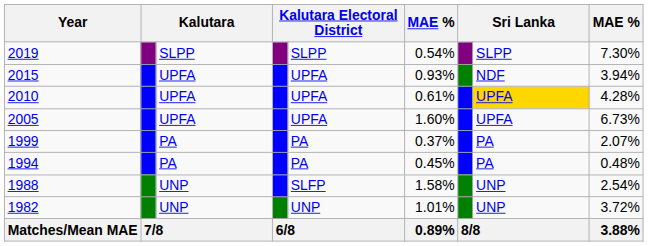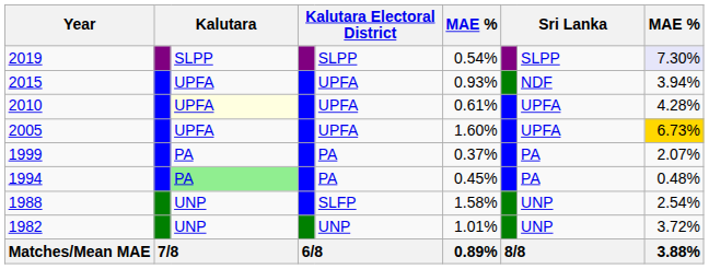 <table class="wikitable">
 <tr>
 <th>Year</th>
 <th colspan="2" width="144px">Kalutara</th>
 <th colspan="2" width="144px"><a href='#'>Kalutara Electoral District</a></th>
 <th><a href='#'>MAE</a> %</th>
 <th colspan="2" width="144px">Sri Lanka</th>
 <th>MAE %</th>
 </tr>
 <tr>
 <td><a href='#'>2019</a></td>
 <td style="background-color:purple;" width="10px"></td>
 <td style="text-align:left;"><a href='#'>SLPP</a></td>
 <td style="background-color:purple;" width="10px"></td>
 <td style="text-align:left;"><a href='#'>SLPP</a></td>
 <td style="text-align:right;">0.54%</td>
 <td style="background-color:purple;" width="10px"></td>
 <td style="text-align:left;"><a href='#'>SLPP</a></td>
-<td style="text-align:right;">7.30%</td>
+<td style="background: lavender; text-align:right;">7.30%</td>
 </tr>
 <tr>
 <td><a href='#'>2015</a></td>
 <td style="background-color:blue;" width="10px"></td>
 <td style="text-align:left;"><a href='#'>UPFA</a></td>
 <td style="background-color:blue;" width="10px"></td>
 <td style="text-align:left;"><a href='#'>UPFA</a></td>
 <td style="text-align:right;">0.93%</td>
 <td style="background-color:green;" width="10px"></td>
 <td style="text-align:left;"><a href='#'>NDF</a></td>
 <td style="text-align:right;">3.94%</td>
 </tr>
 <tr>
 <td><a href='#'>2010</a></td>
 <td style="background-color:blue;" width="10px"></td>
-<td style="text-align:left;"><a href='#'>UPFA</a></td>
+<td style="background: lightyellow; text-align:left;"><a href='#'>UPFA</a></td>
 <td style="background-color:blue;" width="10px"></td>
 <td style="text-align:left;"><a href='#'>UPFA</a></td>
 <td style="text-align:right;">0.61%</td>
 <td style="background-color:blue;" width="10px"></td>
-<td style="background: gold; text-align:left;"><a href='#'>UPFA</a></td>
+<td style="text-align:left;"><a href='#'>UPFA</a></td>
 <td style="text-align:right;">4.28%</td>
 </tr>
 <tr>
 <td><a href='#'>2005</a></td>
 <td style="background-color:blue;" width="10px"></td>
 <td style="text-align:left;"><a href='#'>UPFA</a></td>
 <td style="background-color:blue;" width="10px"></td>
 <td style="text-align:left;"><a href='#'>UPFA</a></td>
 <td style="text-align:right;">1.60%</td>
 <td style="background-color:blue;" width="10px"></td>
 <td style="text-align:left;"><a href='#'>UPFA</a></td>
-<td style="text-align:right;">6.73%</td>
+<td style="background: gold; text-align:right;">6.73%</td>
 </tr>
 <tr>
 <td><a href='#'>1999</a></td>
 <td style="background-color:blue;" width="10px"></td>
 <td style="text-align:left;"><a href='#'>PA</a></td>
 <td style="background-color:blue;" width="10px"></td>
 <td style="text-align:left;"><a href='#'>PA</a></td>
 <td style="text-align:right;">0.37%</td>
 <td style="background-color:blue;" width="10px"></td>
 <td style="text-align:left;"><a href='#'>PA</a></td>
 <td style="text-align:right;">2.07%</td>
 </tr>
 <tr>
 <td><a href='#'>1994</a></td>
 <td style="background-color:blue;" width="10px"></td>
-<td style="text-align:left;"><a href='#'>PA</a></td>
+<td style="background: lightgreen; text-align:left;"><a href='#'>PA</a></td>
 <td style="background-color:blue;" width="10px"></td>
 <td style="text-align:left;"><a href='#'>PA</a></td>
 <td style="text-align:right;">0.45%</td>
 <td style="background-color:blue;" width="10px"></td>
 <td style="text-align:left;"><a href='#'>PA</a></td>
 <td style="text-align:right;">0.48%</td>
 </tr>
 <tr>
 <td><a href='#'>1988</a></td>
 <td style="background-color:green;" width="10px"></td>
 <td style="text-align:left;"><a href='#'>UNP</a></td>
 <td style="background-color:blue;" width="10px"></td>
 <td style="text-align:left;"><a href='#'>SLFP</a></td>
 <td style="text-align:right;">1.58%</td>
 <td style="background-color:green;" width="10px"></td>
 <td style="text-align:left;"><a href='#'>UNP</a></td>
 <td style="text-align:right;">2.54%</td>
 </tr>
 <tr>
 <td><a href='#'>1982</a></td>
 <td style="background-color:green;" width="10px"></td>
 <td style="text-align:left;"><a href='#'>UNP</a></td>
 <td style="background-color:green;" width="10px"></td>
 <td style="text-align:left;"><a href='#'>UNP</a></td>
 <td style="text-align:right;">1.01%</td>
 <td style="background-color:green;" width="10px"></td>
 <td style="text-align:left;"><a href='#'>UNP</a></td>
 <td style="text-align:right;">3.72%</td>
 </tr>
 <tr>
 <th>Matches/Mean MAE</th>
 <th style="text-align:left;"colspan="2" width="144px">7/8</th>
 <th style="text-align:left;"colspan="2" width="144px">6/8</th>
 <th style="text-align:right;">0.89%</th>
 <th style="text-align:left;"colspan="2" width="144px">8/8</th>
 <th style="text-align:right;">3.88%</th>
 </tr>
 </table>
